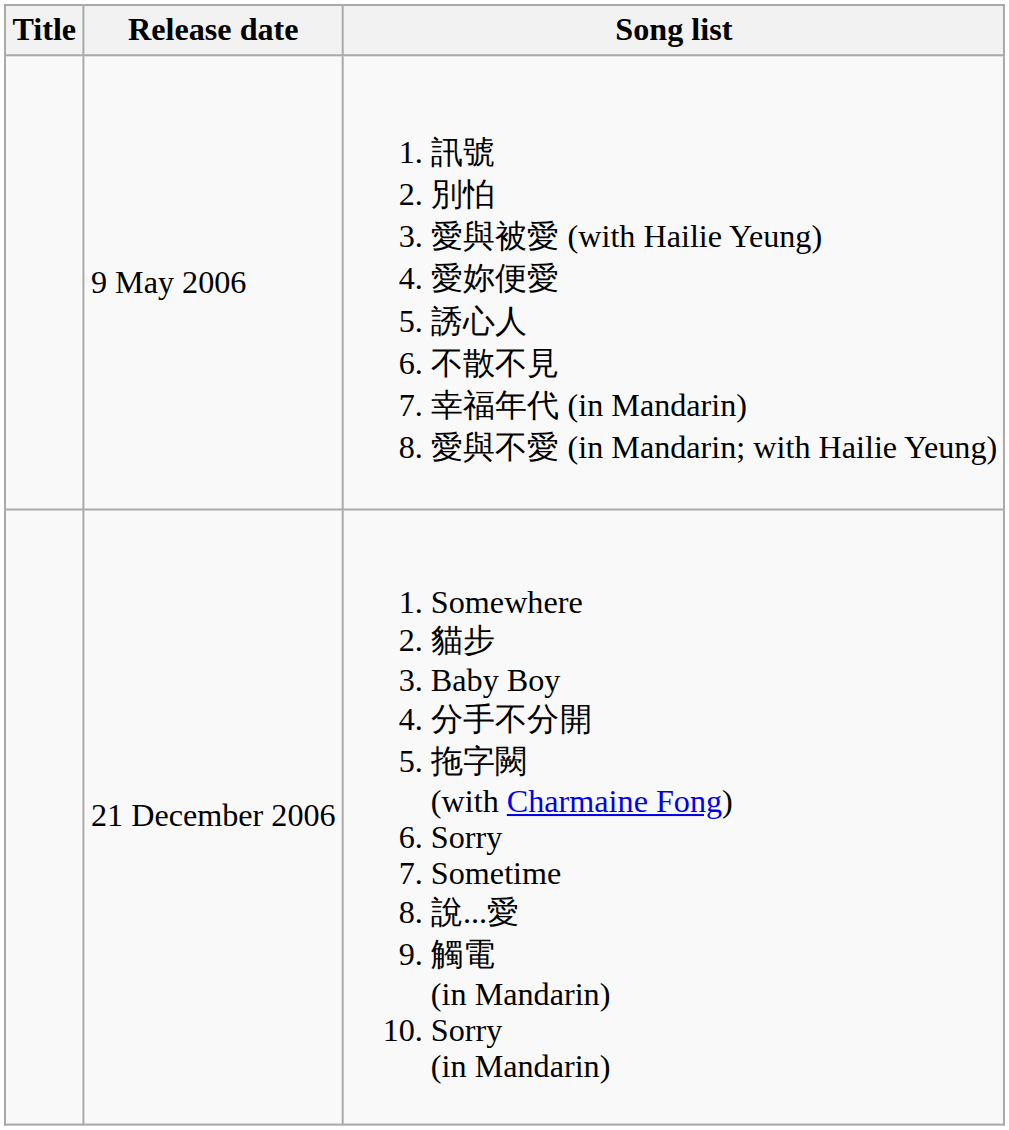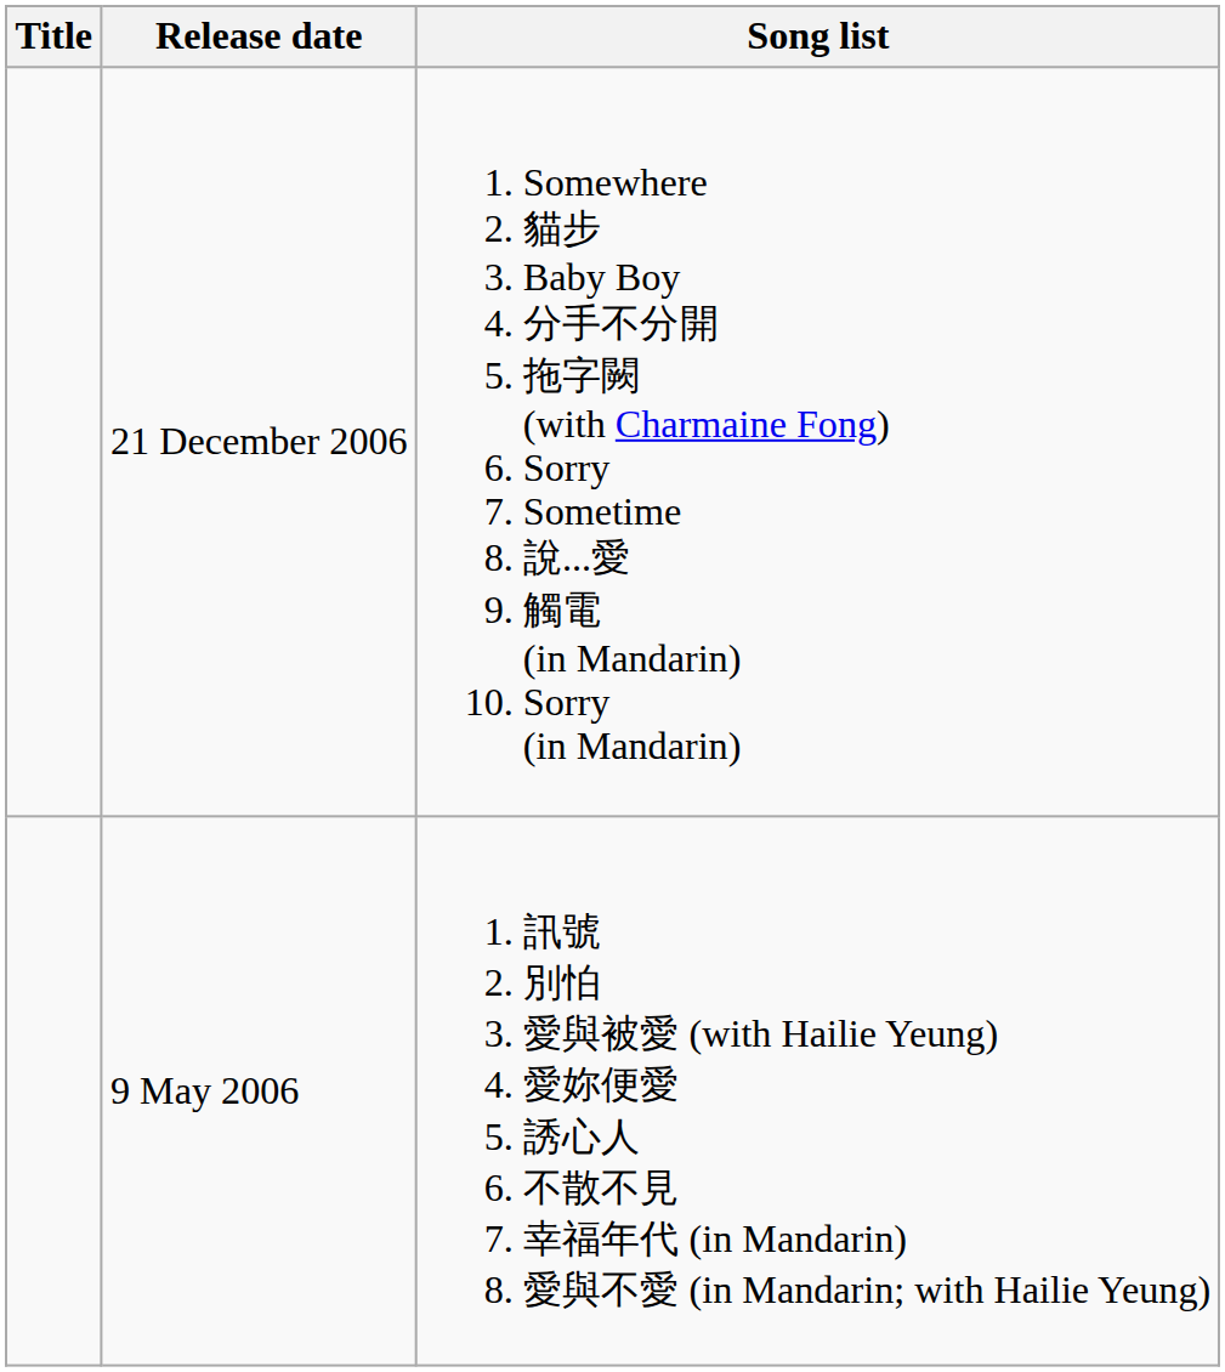 <table class="wikitable sortable">
 <tr>
 <th>Title</th>
 <th>Release date</th>
 <th>Song list</th>
 </tr>
 <tr>
+<td><strong>  </strong></td>
+<td>21 December 2006</td>
+<td><br><ol><li>Somewhere</li><li>貓步</li><li>Baby Boy</li><li>分手不分開</li><li>拖字闕<br>(with <a href='#'>Charmaine Fong</a>)</li><li>Sorry</li><li>Sometime</li><li>說...愛</li><li>觸電<br>(in Mandarin)</li><li>Sorry<br>(in Mandarin)</li></ol></td>
+</tr>
+<tr>
 <td><strong></strong></td>
 <td>9 May 2006</td>
 <td><br><ol><li>訊號</li><li>別怕</li><li>愛與被愛 (with Hailie Yeung)</li><li>愛妳便愛</li><li>誘心人</li><li>不散不見</li><li>幸福年代 (in Mandarin)</li><li>愛與不愛 (in Mandarin; with Hailie Yeung)</li></ol></td>
 </tr>
-<tr>
-<td><strong>  </strong></td>
-<td>21 December 2006</td>
-<td><br><ol><li>Somewhere</li><li>貓步</li><li>Baby Boy</li><li>分手不分開</li><li>拖字闕<br>(with <a href='#'>Charmaine Fong</a>)</li><li>Sorry</li><li>Sometime</li><li>說...愛</li><li>觸電<br>(in Mandarin)</li><li>Sorry<br>(in Mandarin)</li></ol></td>
-</tr>
 </table>
